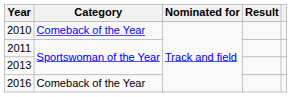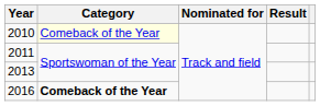 <table class="wikitable plainrowheaders">
 <tr>
 <th scope="col">Year</th>
 <th scope="col">Category</th>
 <th scope="col">Nominated for</th>
 <th scope="col">Result</th>
 <th scope="col"></th>
 </tr>
 <tr>
 <td align = "center">2010</td>
-<td><a href='#'>Comeback of the Year</a></td>
+<td style="background: lightyellow;"><a href='#'>Comeback of the Year</a></td>
 <td rowspan = "4"><a href='#'>Track and field</a></td>
 <td></td>
 <td></td>
 </tr>
 <tr>
 <td align = "center">2011</td>
 <td rowspan = "2"><a href='#'>Sportswoman of the Year</a></td>
 <td></td>
 <td></td>
 </tr>
 <tr>
 <td align = "center">2013</td>
 <td></td>
 <td></td>
 </tr>
 <tr>
 <td align = "center">2016</td>
-<td>Comeback of the Year</td>
+<td><strong>Comeback of the Year</strong></td>
 <td></td>
 <td></td>
 </tr>
 </table>
